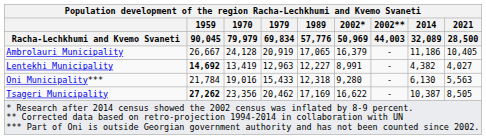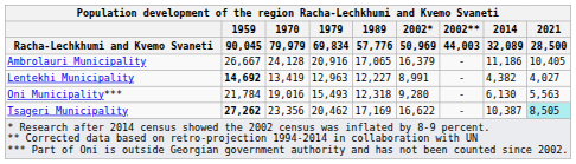 <table class="wikitable">
 <tr>
 <th colspan=19>Population development of the region Racha-Lechkhumi and Kvemo Svaneti</th>
 </tr>
 <tr>
 <th></th>
 <th>1959</th>
 <th>1970</th>
 <th>1979</th>
 <th>1989</th>
 <th>2002*</th>
 <th>2002**</th>
 <th>2014</th>
 <th>2021</th>
 </tr>
 <tr>
 <th>Racha-Lechkhumi and Kvemo Svaneti</th>
 <th>90,045</th>
 <th> 79,979</th>
 <th> 69,834</th>
 <th> 57,776</th>
 <th> 50,969</th>
 <th> 44,003</th>
 <th> 32,089</th>
 <th> 28,500</th>
 </tr>
 <tr>
 <td><a href='#'>Ambrolauri Municipality</a></td>
 <td>26,667</td>
 <td> 24,128</td>
-<td> 20,919</td>
+<td> 20,916</td>
 <td> 17,065</td>
 <td> 16,379</td>
 <td align=center>-</td>
 <td> 11,186</td>
 <td> 10,405</td>
 </tr>
 <tr>
 <td><a href='#'>Lentekhi Municipality</a></td>
 <td><strong>14,692</strong></td>
 <td> 13,419</td>
 <td> 12,963</td>
 <td> 12,227</td>
 <td> 8,991</td>
 <td align=center>-</td>
 <td> 4,382</td>
 <td> 4,027</td>
 </tr>
 <tr>
 <td><a href='#'>Oni Municipality</a>***</td>
 <td>21,784</td>
 <td> 19,016</td>
-<td> 15,433</td>
+<td> 15,493</td>
 <td> 12,318</td>
 <td> 9,280</td>
 <td align=center>-</td>
 <td> 6,130</td>
 <td> 5,563</td>
 </tr>
 <tr>
 <td><a href='#'>Tsageri Municipality</a></td>
 <td><strong>27,262</strong></td>
 <td> 23,356</td>
 <td> 20,462</td>
 <td> 17,169</td>
 <td> 16,622</td>
 <td align=center>-</td>
 <td> 10,387</td>
-<td> 8,505</td>
+<td style="background: paleturquoise;"> 8,505</td>
 </tr>
 <tr>
 <td colspan=10 class="wikitable" style="align:left;text-align:left;background-color:#eaecf0">* Research after 2014 census showed the 2002 census was inflated by 8-9 percent.<br>** Corrected data based on retro-projection 1994-2014 in collaboration with UN<br>*** Part of Oni is outside Georgian government authority and has not been counted since 2002.</td>
 </tr>
 </table>
